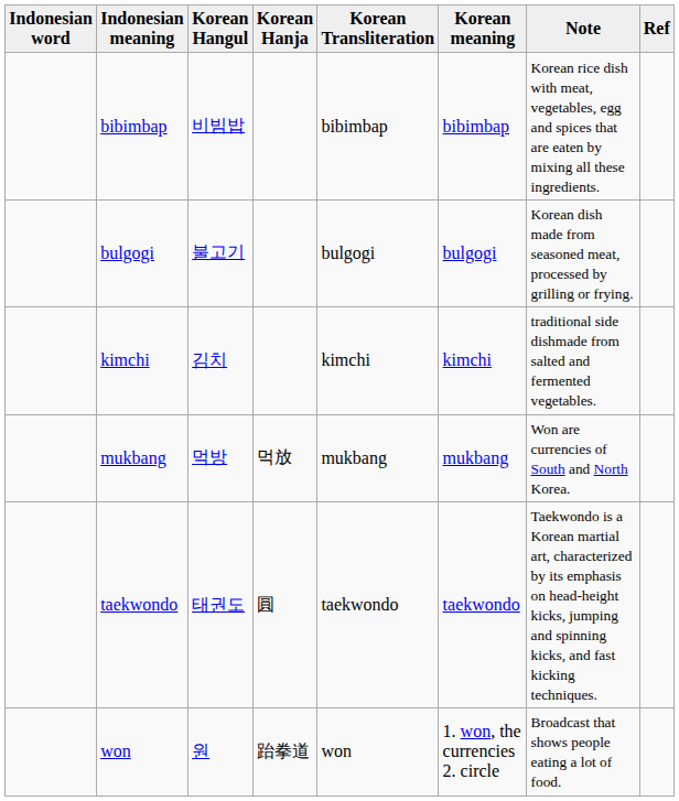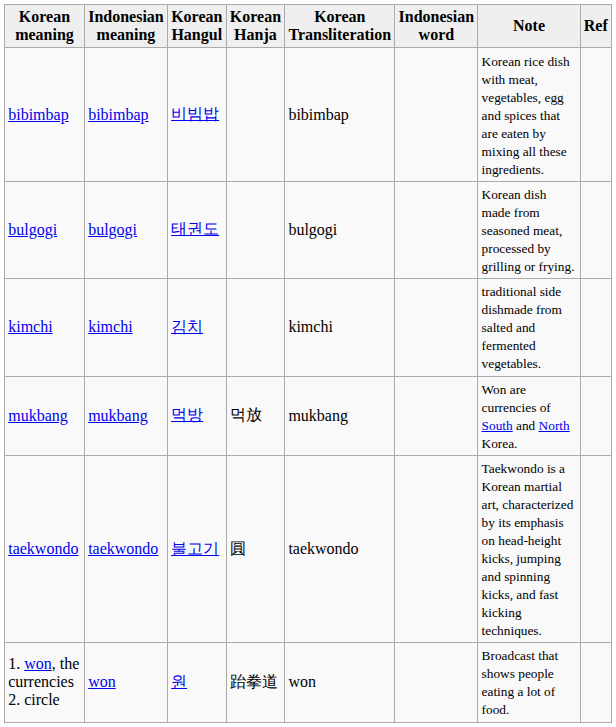 <table class="wikitable">
 <tr>
-<th style="background:#efefef;">Indonesian <br>word</th>
+<th style="background:#efefef;">Korean<br>meaning</th>
 <th style="background:#efefef;">Indonesian <br>meaning</th>
 <th style="background:#efefef;">Korean<br>Hangul</th>
 <th style="background:#efefef;">Korean<br>Hanja</th>
 <th style="background:#efefef;">Korean<br>Transliteration</th>
-<th style="background:#efefef;">Korean<br>meaning</th>
+<th style="background:#efefef;">Indonesian <br>word</th>
 <th style="background:#efefef;">Note</th>
 <th style="background:#efefef;">Ref</th>
 </tr>
 <tr>
-<td></td>
+<td><a href='#'>bibimbap</a></td>
 <td><a href='#'>bibimbap</a></td>
 <td><a href='#'>비빔밥</a></td>
 <td></td>
 <td>bibimbap</td>
-<td><a href='#'>bibimbap</a></td>
+<td></td>
 <td><small>Korean rice dish with meat, vegetables, egg and spices that are eaten by mixing all these ingredients.</small></td>
 <td></td>
 </tr>
 <tr>
-<td></td>
 <td><a href='#'>bulgogi</a></td>
-<td><a href='#'>불고기</a></td>
+<td><a href='#'>bulgogi</a></td>
+<td><a href='#'>태권도</a></td>
 <td></td>
 <td>bulgogi</td>
-<td><a href='#'>bulgogi</a></td>
+<td></td>
 <td><small>Korean dish made from seasoned meat, processed by grilling or frying.</small></td>
 <td></td>
 </tr>
 <tr>
-<td></td>
+<td><a href='#'>kimchi</a></td>
 <td><a href='#'>kimchi</a></td>
 <td><a href='#'>김치</a></td>
 <td></td>
 <td>kimchi</td>
-<td><a href='#'>kimchi</a></td>
+<td></td>
 <td><small>traditional side dishmade from salted and fermented vegetables.</small></td>
 <td></td>
 </tr>
 <tr>
-<td></td>
+<td><a href='#'>mukbang</a></td>
 <td><a href='#'>mukbang</a></td>
 <td><a href='#'>먹방</a></td>
 <td>먹放</td>
 <td>mukbang</td>
-<td><a href='#'>mukbang</a></td>
+<td></td>
 <td><small>Won are currencies of <a href='#'>South</a> and <a href='#'>North</a> Korea.</small></td>
 <td></td>
 </tr>
 <tr>
-<td></td>
 <td><a href='#'>taekwondo</a></td>
-<td><a href='#'>태권도</a></td>
+<td><a href='#'>taekwondo</a></td>
+<td><a href='#'>불고기</a></td>
 <td>圓</td>
 <td>taekwondo</td>
-<td><a href='#'>taekwondo</a></td>
+<td></td>
 <td><small>Taekwondo is a Korean martial art, characterized by its emphasis on head-height kicks, jumping and spinning kicks, and fast kicking techniques.</small></td>
 <td></td>
 </tr>
 <tr>
-<td></td>
+<td>1. <a href='#'>won</a>, the currencies <br>2. circle</td>
 <td><a href='#'>won</a></td>
 <td><a href='#'>원</a></td>
 <td>跆拳道</td>
 <td>won</td>
-<td>1. <a href='#'>won</a>, the currencies <br>2. circle</td>
+<td></td>
 <td><small>Broadcast that shows people eating a lot of food.</small></td>
 <td></td>
 </tr>
 </table>
